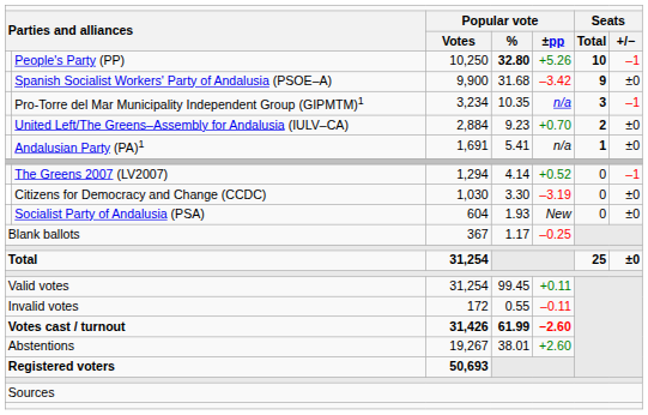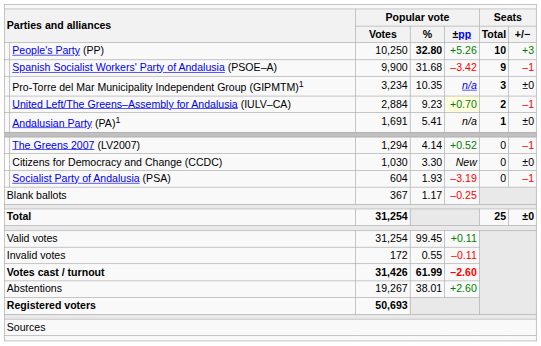 <table class="wikitable" style="text-align:right;">
 <tr>
 <td colspan="7"></td>
 </tr>
 <tr>
 <th style="text-align:left;" rowspan="2" colspan="2" width="525">Parties and alliances</th>
 <th colspan="3">Popular vote</th>
 <th colspan="2">Seats</th>
 </tr>
 <tr>
 <th width="75">Votes</th>
 <th width="45">%</th>
 <th width="45">±<a href='#'>pp</a></th>
 <th width="35">Total</th>
 <th width="35">+/−</th>
 </tr>
 <tr>
 <td width="1" style="color:inherit;background:"></td>
 <td align="left"><a href='#'>People's Party</a> (PP)</td>
 <td>10,250</td>
 <td><strong>32.80</strong></td>
 <td style="color:green;">+5.26</td>
 <td><strong>10</strong></td>
-<td style="color:red;">–1</td>
+<td style="color:green;">+3</td>
 </tr>
 <tr>
 <td style="color:inherit;background:"></td>
 <td align="left"><a href='#'>Spanish Socialist Workers' Party of Andalusia</a> (PSOE–A)</td>
 <td>9,900</td>
 <td>31.68</td>
 <td style="color:red;">–3.42</td>
 <td><strong>9</strong></td>
-<td>±0</td>
+<td style="color:red;">–1</td>
 </tr>
 <tr>
 <td style="color:inherit;background:"></td>
 <td align="left">Pro-Torre del Mar Municipality Independent Group (GIPMTM)<sup>1</sup></td>
 <td>3,234</td>
 <td>10.35</td>
 <td><em><a href='#'>n/a</a></em></td>
 <td><strong>3</strong></td>
-<td style="color:red;">–1</td>
+<td>±0</td>
 </tr>
 <tr>
 <td style="color:inherit;background:"></td>
 <td align="left"><a href='#'>United Left/The Greens–Assembly for Andalusia</a> (IULV–CA)</td>
 <td>2,884</td>
 <td>9.23</td>
-<td style="color:green;">+0.70</td>
+<td style="background: lightyellow; color:green;">+0.70</td>
 <td><strong>2</strong></td>
-<td>±0</td>
+<td style="color:red;">–1</td>
 </tr>
 <tr>
 <td style="color:inherit;background:"></td>
 <td align="left"><a href='#'>Andalusian Party</a> (PA)<sup>1</sup></td>
 <td>1,691</td>
 <td>5.41</td>
 <td><em>n/a</em></td>
 <td><strong>1</strong></td>
 <td>±0</td>
 </tr>
 <tr>
 <td colspan="7" bgcolor="#C0C0C0"></td>
 </tr>
 <tr>
 <td style="color:inherit;background:"></td>
 <td align="left"><a href='#'>The Greens 2007</a> (LV2007)</td>
 <td>1,294</td>
 <td>4.14</td>
 <td style="color:green;">+0.52</td>
 <td>0</td>
 <td style="color:red;">–1</td>
 </tr>
 <tr>
 <td bgcolor="white"></td>
 <td align="left">Citizens for Democracy and Change (CCDC)</td>
 <td>1,030</td>
 <td>3.30</td>
-<td style="color:red;">–3.19</td>
+<td><em>New</em></td>
 <td>0</td>
 <td>±0</td>
 </tr>
 <tr>
 <td style="color:inherit;background:"></td>
 <td align="left"><a href='#'>Socialist Party of Andalusia</a> (PSA)</td>
 <td>604</td>
 <td>1.93</td>
-<td><em>New</em></td>
+<td style="color:red;">–3.19</td>
 <td>0</td>
-<td>±0</td>
+<td style="color:red;">–1</td>
 </tr>
 <tr>
 <td align="left" colspan="2">Blank ballots</td>
 <td>367</td>
 <td>1.17</td>
 <td style="color:red;">–0.25</td>
 <td bgcolor="#E9E9E9" colspan="2"></td>
 </tr>
 <tr>
 <td colspan="7" bgcolor="#E9E9E9"></td>
 </tr>
 <tr style="font-weight:bold;">
 <td align="left" colspan="2">Total</td>
 <td>31,254</td>
 <td bgcolor="#E9E9E9" colspan="2"></td>
 <td>25</td>
 <td>±0</td>
 </tr>
 <tr>
 <td colspan="7" bgcolor="#E9E9E9"></td>
 </tr>
 <tr>
 <td align="left" colspan="2">Valid votes</td>
 <td>31,254</td>
 <td>99.45</td>
 <td style="color:green;">+0.11</td>
 <td bgcolor="#E9E9E9" colspan="2" rowspan="5"></td>
 </tr>
 <tr>
 <td align="left" colspan="2">Invalid votes</td>
 <td>172</td>
 <td>0.55</td>
 <td style="color:red;">–0.11</td>
 </tr>
 <tr style="font-weight:bold;">
 <td align="left" colspan="2">Votes cast / turnout</td>
 <td>31,426</td>
 <td>61.99</td>
 <td style="color:red;">–2.60</td>
 </tr>
 <tr>
 <td align="left" colspan="2">Abstentions</td>
 <td>19,267</td>
 <td>38.01</td>
 <td style="color:green;">+2.60</td>
 </tr>
 <tr style="font-weight:bold;">
 <td align="left" colspan="2">Registered voters</td>
 <td>50,693</td>
 <td bgcolor="#E9E9E9" colspan="2"></td>
 </tr>
 <tr>
 <td colspan="7" bgcolor="#E9E9E9"></td>
 </tr>
 <tr>
 <td align="left" colspan="7">Sources</td>
 </tr>
 <tr>
 <td colspan="7" style="text-align:left; max-width:790px;"></td>
 </tr>
 </table>
